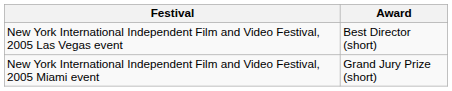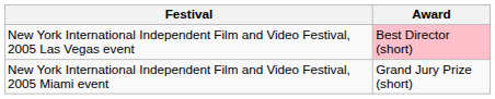 <table class="wikitable" border="1">
 <tr>
 <th>Festival</th>
 <th>Award</th>
 </tr>
 <tr>
 <td>New York International Independent Film and Video Festival, 2005 Las Vegas event</td>
-<td>Best Director (short)</td>
+<td style="background: pink;">Best Director (short)</td>
 </tr>
 <tr>
 <td>New York International Independent Film and Video Festival, 2005 Miami event</td>
 <td>Grand Jury Prize (short)</td>
 </tr>
 </table>
